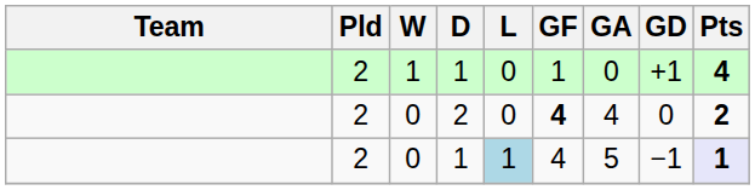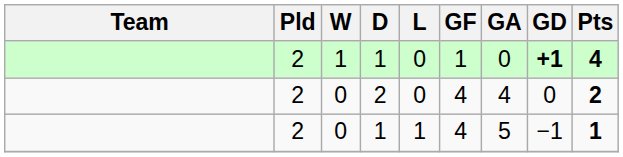 <table class="wikitable" style="text-align:center;">
 <tr>
 <th width=180>Team</th>
 <th width=20>Pld</th>
 <th width=20>W</th>
 <th width=20>D</th>
 <th width=20>L</th>
 <th width=20>GF</th>
 <th width=20>GA</th>
 <th width=20>GD</th>
 <th width=20>Pts </th>
 </tr>
 <tr align=center bgcolor="ccffcc">
 <td style="text-align:left;"></td>
 <td>2</td>
 <td>1</td>
 <td>1</td>
 <td>0</td>
 <td>1</td>
 <td>0</td>
-<td>+1</td>
+<td><strong>+1</strong></td>
 <td><strong>4</strong></td>
 </tr>
 <tr align=center>
 <td style="text-align:left;"></td>
 <td>2</td>
 <td>0</td>
 <td>2</td>
 <td>0</td>
-<td><strong>4</strong></td>
+<td>4</td>
 <td>4</td>
 <td>0</td>
 <td><strong>2</strong></td>
 </tr>
 <tr align=center>
 <td style="text-align:left;"></td>
 <td>2</td>
 <td>0</td>
 <td>1</td>
-<td style="background: lightblue;">1</td>
+<td>1</td>
 <td>4</td>
 <td>5</td>
 <td>−1</td>
-<td style="background: lavender;"><strong>1</strong></td>
+<td><strong>1</strong></td>
 </tr>
 <tr>
 </tr>
 </table>
